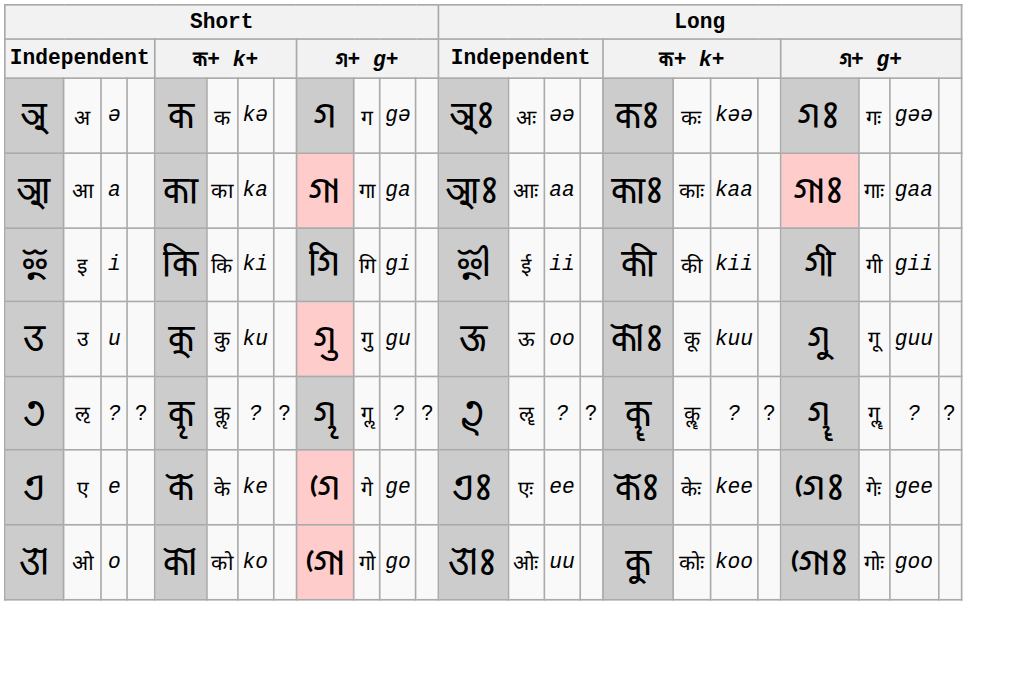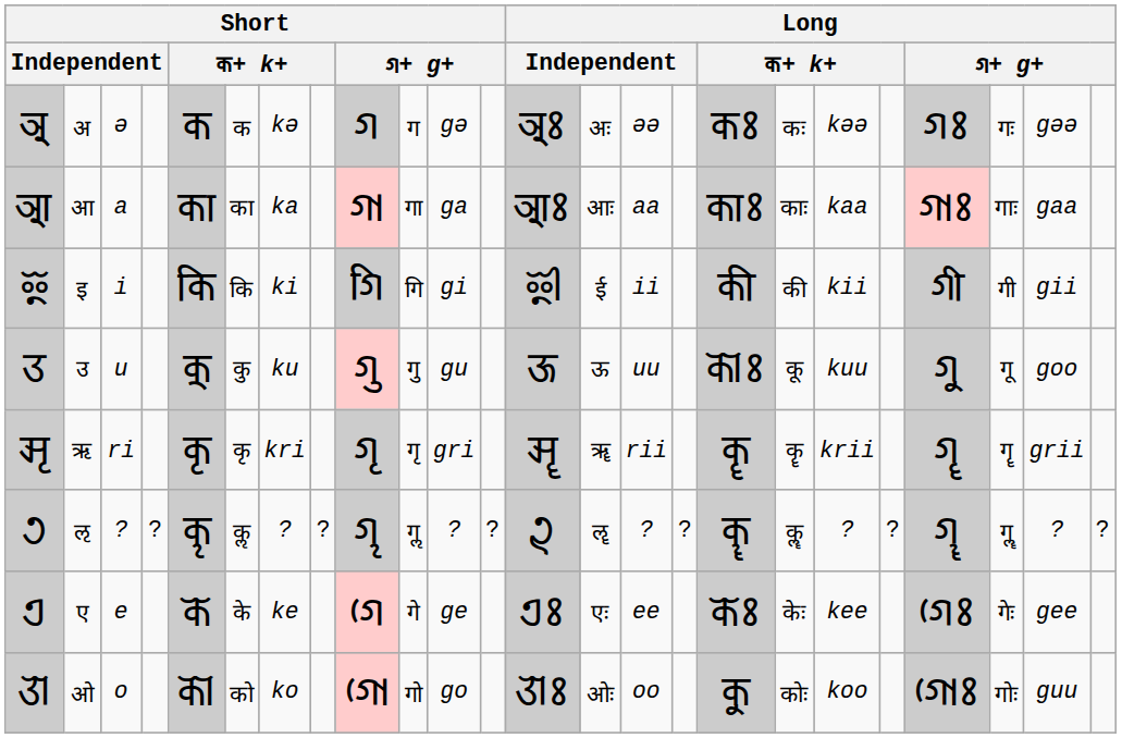 <table class="wikitable" style="text-align:center">
 <tr bgcolor="#CCCCCC">
 <th colspan="12">Short</th>
 <th colspan="12">Long</th>
 </tr>
 <tr bgcolor="#CCCCCC">
 <th colspan="4">Independent</th>
 <th colspan="4">𑐎‎+ <em>k+</em></th>
 <th colspan="4">𑐐+ <em>g+</em></th>
 <th colspan="4">Independent</th>
 <th colspan="4">𑐎‎+ <em>k+</em></th>
 <th colspan="4">𑐐+ <em>g+</em></th>
 </tr>
 <tr>
 <td bgcolor="#CCCCCC" style="font-size:24px">𑐀</td>
 <td>अ</td>
 <td><em>ə</em></td>
 <td></td>
 <td bgcolor="#CCCCCC" style="font-size:24px">𑐎</td>
 <td>क</td>
 <td><em>kə</em></td>
 <td></td>
 <td bgcolor="#CCCCCC" style="font-size:24px">𑐐</td>
 <td>ग</td>
 <td><em>gə</em></td>
 <td></td>
 <td bgcolor="#CCCCCC" style="font-size:24px">𑐀𑑅</td>
 <td>अः</td>
 <td><em>əə</em></td>
 <td></td>
 <td bgcolor="#CCCCCC" style="font-size:24px">𑐎𑑅</td>
 <td>कः</td>
 <td><em>kəə</em></td>
 <td></td>
 <td bgcolor="#CCCCCC" style="font-size:24px">𑐐𑑅</td>
 <td>गः</td>
 <td><em>gəə</em></td>
 <td></td>
 </tr>
 <tr>
 <td bgcolor="#CCCCCC" style="font-size:24px">𑐁</td>
 <td>आ</td>
 <td><em>a</em></td>
 <td></td>
 <td bgcolor="#CCCCCC" style="font-size:24px">𑐎𑐵</td>
 <td>का</td>
 <td><em>ka</em></td>
 <td></td>
 <td bgcolor="#FFCCCC" style="font-size:24px">𑐐𑐵</td>
 <td>गा</td>
 <td><em>ga</em></td>
 <td></td>
 <td bgcolor="#CCCCCC" style="font-size:24px">𑐁𑑅</td>
 <td>आः</td>
 <td><em>aa</em></td>
 <td></td>
 <td bgcolor="#CCCCCC" style="font-size:24px">𑐎𑐵𑑅</td>
 <td>काः</td>
 <td><em>kaa</em></td>
 <td></td>
 <td bgcolor="#FFCCCC" style="font-size:24px">𑐐𑐵𑑅</td>
 <td>गाः</td>
 <td><em>gaa</em></td>
 <td></td>
 </tr>
 <tr>
 <td bgcolor="#CCCCCC" style="font-size:24px">𑐂</td>
 <td>इ</td>
 <td><em>i</em></td>
 <td></td>
 <td bgcolor="#CCCCCC" style="font-size:24px">𑐎𑐶</td>
 <td>कि</td>
 <td><em>ki</em></td>
 <td></td>
 <td bgcolor="#CCCCCC" style="font-size:24px">𑐐𑐶</td>
 <td>गि</td>
 <td><em>gi</em></td>
 <td></td>
 <td bgcolor="#CCCCCC" style="font-size:24px">𑐃</td>
 <td>ई</td>
 <td><em>ii</em></td>
 <td></td>
 <td bgcolor="#CCCCCC" style="font-size:24px">𑐎𑐷</td>
 <td>की</td>
 <td><em>kii</em></td>
 <td></td>
 <td bgcolor="#CCCCCC" style="font-size:24px">𑐐𑐷</td>
 <td>गी</td>
 <td><em>gii</em></td>
 <td></td>
 </tr>
 <tr>
 <td bgcolor="#CCCCCC" style="font-size:24px">𑐄</td>
 <td>उ</td>
 <td><em>u</em></td>
 <td></td>
 <td bgcolor="#CCCCCC" style="font-size:24px">𑐎𑐸</td>
 <td>कु</td>
 <td><em>ku</em></td>
 <td></td>
 <td bgcolor="#FFCCCC" style="font-size:24px">𑐐𑐸</td>
 <td>गु</td>
 <td><em>gu</em></td>
 <td></td>
 <td bgcolor="#CCCCCC" style="font-size:24px">𑐅</td>
 <td>ऊ</td>
-<td><em>oo</em></td>
+<td><em>uu</em></td>
 <td></td>
 <td bgcolor="#CCCCCC" style="font-size:24px">𑐎𑑀𑑅</td>
 <td>कू</td>
 <td><em>kuu</em></td>
 <td></td>
 <td bgcolor="#CCCCCC" style="font-size:24px">𑐐𑐹</td>
 <td>गू</td>
-<td><em>guu</em></td>
+<td><em>goo</em></td>
+<td></td>
+</tr>
+<tr>
+<td bgcolor="#CCCCCC" style="font-size:24px">𑐆</td>
+<td>ऋ</td>
+<td><em>ri</em></td>
+<td></td>
+<td bgcolor="#CCCCCC" style="font-size:24px">𑐎𑐺</td>
+<td>कृ</td>
+<td><em>kri</em></td>
+<td></td>
+<td bgcolor="#CCCCCC" style="font-size:24px">𑐐𑐺</td>
+<td>गृ</td>
+<td><em>gri</em></td>
+<td></td>
+<td bgcolor="#CCCCCC" style="font-size:24px">𑐇</td>
+<td>ॠ</td>
+<td><em>rii</em></td>
+<td></td>
+<td bgcolor="#CCCCCC" style="font-size:24px">𑐎𑐻</td>
+<td>कॄ</td>
+<td><em>krii</em></td>
+<td></td>
+<td bgcolor="#CCCCCC" style="font-size:24px">𑐐𑐻</td>
+<td>गॄ</td>
+<td><em>grii</em></td>
 <td></td>
 </tr>
 <tr>
 <td bgcolor="#CCCCCC" style="font-size:24px">𑐈</td>
 <td>ऌ</td>
 <td><em>?</em></td>
 <td>?</td>
 <td bgcolor="#CCCCCC" style="font-size:24px">𑐎𑐼</td>
 <td>कॢ</td>
 <td><em>?</em></td>
 <td>?</td>
 <td bgcolor="#CCCCCC" style="font-size:24px">𑐐𑐼</td>
 <td>गॢ</td>
 <td><em>?</em></td>
 <td>?</td>
 <td bgcolor="#CCCCCC" style="font-size:24px">𑐉</td>
 <td>ॡ</td>
 <td><em>?</em></td>
 <td>?</td>
 <td bgcolor="#CCCCCC" style="font-size:24px">𑐎𑐽</td>
 <td>कॣ</td>
 <td><em>?</em></td>
 <td>?</td>
 <td bgcolor="#CCCCCC" style="font-size:24px">𑐐𑐽</td>
 <td>गॣ</td>
 <td><em>?</em></td>
 <td>?</td>
 </tr>
 <tr>
 <td bgcolor="#CCCCCC" style="font-size:24px">𑐊</td>
 <td>ए</td>
 <td><em>e</em></td>
 <td></td>
 <td bgcolor="#CCCCCC" style="font-size:24px">𑐎𑐾</td>
 <td>के</td>
 <td><em>ke</em></td>
 <td></td>
 <td bgcolor="#FFCCCC" style="font-size:24px">𑐐𑐾</td>
 <td>गे</td>
 <td><em>ge</em></td>
 <td></td>
 <td bgcolor="#CCCCCC" style="font-size:24px">𑐊𑑅</td>
 <td>एः</td>
 <td><em>ee</em></td>
 <td></td>
 <td bgcolor="#CCCCCC" style="font-size:24px">𑐎𑐾𑑅</td>
 <td>केः</td>
 <td><em>kee</em></td>
 <td></td>
 <td bgcolor="#CCCCCC" style="font-size:24px">𑐐𑐾𑑅</td>
 <td>गेः</td>
 <td><em>gee</em></td>
 <td></td>
 </tr>
 <tr>
 <td bgcolor="#CCCCCC" style="font-size:24px">𑐌</td>
 <td>ओ</td>
 <td><em>o</em></td>
 <td></td>
 <td bgcolor="#CCCCCC" style="font-size:24px">𑐎𑑀</td>
 <td>को</td>
 <td><em>ko</em></td>
 <td></td>
 <td bgcolor="#FFCCCC" style="font-size:24px">𑐐𑑀</td>
 <td>गो</td>
 <td><em>go</em></td>
 <td></td>
 <td bgcolor="#CCCCCC" style="font-size:24px">𑐌𑑅</td>
 <td>ओः</td>
-<td><em>uu</em></td>
+<td><em>oo</em></td>
 <td></td>
 <td bgcolor="#CCCCCC" style="font-size:24px">𑐎𑐹</td>
 <td>कोः</td>
 <td><em>koo</em></td>
 <td></td>
 <td bgcolor="#CCCCCC" style="font-size:24px">𑐐𑑀𑑅</td>
 <td>गोः</td>
-<td><em>goo</em></td>
+<td><em>guu</em></td>
 <td></td>
 </tr>
 </table>
